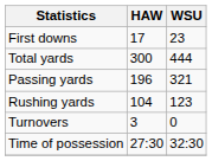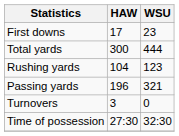 <table class="wikitable" style="float: left;">
 <tr>
 <th>Statistics</th>
 <th>HAW</th>
 <th>WSU</th>
 </tr>
 <tr>
 <td>First downs</td>
 <td>17</td>
 <td>23</td>
 </tr>
 <tr>
 <td>Total yards</td>
 <td>300</td>
 <td>444</td>
 </tr>
 <tr>
+<td>Rushing yards</td>
+<td>104</td>
+<td>123</td>
+</tr>
+<tr>
 <td>Passing yards</td>
 <td>196</td>
 <td>321</td>
-</tr>
-<tr>
-<td>Rushing yards</td>
-<td>104</td>
-<td>123</td>
 </tr>
 <tr>
 <td>Turnovers</td>
 <td>3</td>
 <td>0</td>
 </tr>
 <tr>
 <td>Time of possession</td>
 <td>27:30</td>
 <td>32:30</td>
 </tr>
 <tr>
 </tr>
 </table>
